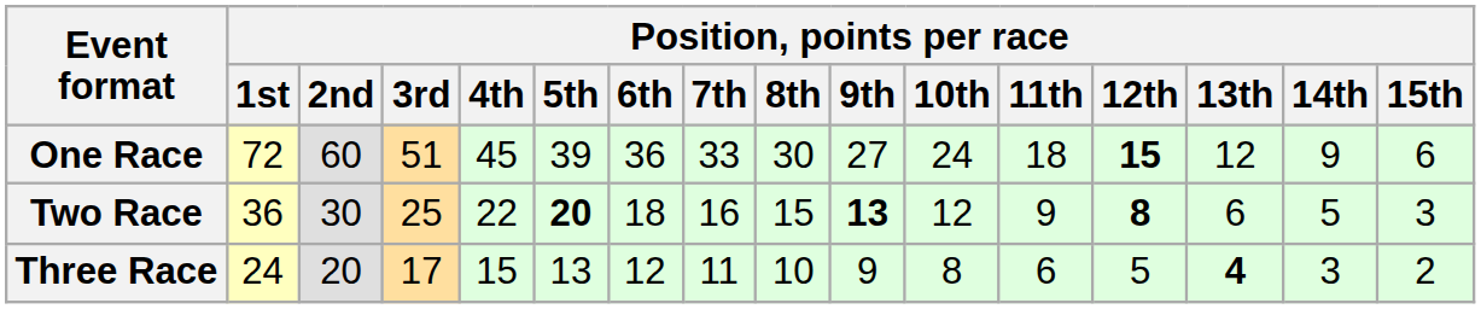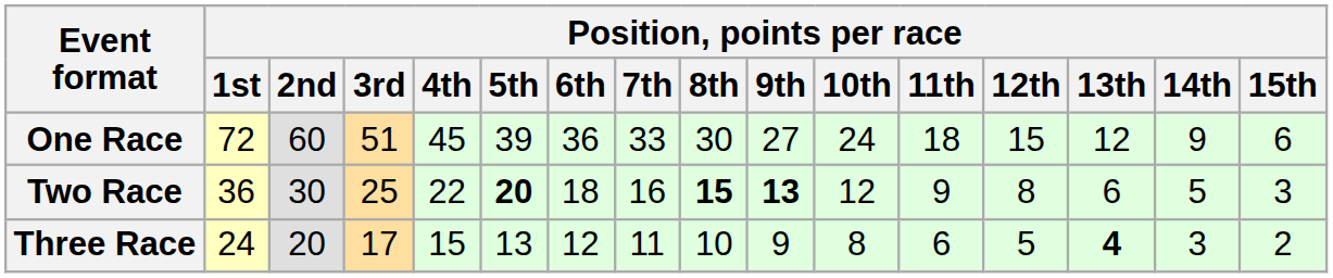 <table class="wikitable" style="font-size:85%; text-align:center">
 <tr>
 <th rowspan="2">Event<br>format</th>
 <th colspan="29">Position, points per race</th>
 </tr>
 <tr>
 <th>1st</th>
 <th>2nd</th>
 <th>3rd</th>
 <th>4th</th>
 <th>5th</th>
 <th>6th</th>
 <th>7th</th>
 <th>8th</th>
 <th>9th</th>
 <th>10th</th>
 <th>11th</th>
 <th>12th</th>
 <th>13th</th>
 <th>14th</th>
 <th>15th</th>
 </tr>
 <tr>
 <th>One Race</th>
 <td style="background:#ffffbf;">72</td>
 <td style="background:#dfdfdf;">60</td>
 <td style="background:#ffdf9f;">51</td>
 <td style="background:#dfffdf;">45</td>
 <td style="background:#dfffdf;">39</td>
 <td style="background:#dfffdf;">36</td>
 <td style="background:#dfffdf;">33</td>
 <td style="background:#dfffdf;">30</td>
 <td style="background:#dfffdf;">27</td>
 <td style="background:#dfffdf;">24</td>
 <td style="background:#dfffdf;">18</td>
-<td style="background:#dfffdf;"><strong>15</strong></td>
+<td style="background:#dfffdf;">15</td>
 <td style="background:#dfffdf;">12</td>
 <td style="background:#dfffdf;">9</td>
 <td style="background:#dfffdf;">6</td>
 </tr>
 <tr>
 <th>Two Race</th>
 <td style="background:#ffffbf;">36</td>
 <td style="background:#dfdfdf;">30</td>
 <td style="background:#ffdf9f;">25</td>
 <td style="background:#dfffdf;">22</td>
 <td style="background:#dfffdf;"><strong>20</strong></td>
 <td style="background:#dfffdf;">18</td>
 <td style="background:#dfffdf;">16</td>
-<td style="background:#dfffdf;">15</td>
+<td style="background:#dfffdf;"><strong>15</strong></td>
 <td style="background:#dfffdf;"><strong>13</strong></td>
 <td style="background:#dfffdf;">12</td>
 <td style="background:#dfffdf;">9</td>
-<td style="background:#dfffdf;"><strong>8</strong></td>
+<td style="background:#dfffdf;">8</td>
 <td style="background:#dfffdf;">6</td>
 <td style="background:#dfffdf;">5</td>
 <td style="background:#dfffdf;">3</td>
 </tr>
 <tr>
 <th>Three Race</th>
 <td style="background:#ffffbf;">24</td>
 <td style="background:#dfdfdf;">20</td>
 <td style="background:#ffdf9f;">17</td>
 <td style="background:#dfffdf;">15</td>
 <td style="background:#dfffdf;">13</td>
 <td style="background:#dfffdf;">12</td>
 <td style="background:#dfffdf;">11</td>
 <td style="background:#dfffdf;">10</td>
 <td style="background:#dfffdf;">9</td>
 <td style="background:#dfffdf;">8</td>
 <td style="background:#dfffdf;">6</td>
 <td style="background:#dfffdf;">5</td>
 <td style="background:#dfffdf;"><strong>4</strong></td>
 <td style="background:#dfffdf;">3</td>
 <td style="background:#dfffdf;">2</td>
 </tr>
 </table>
